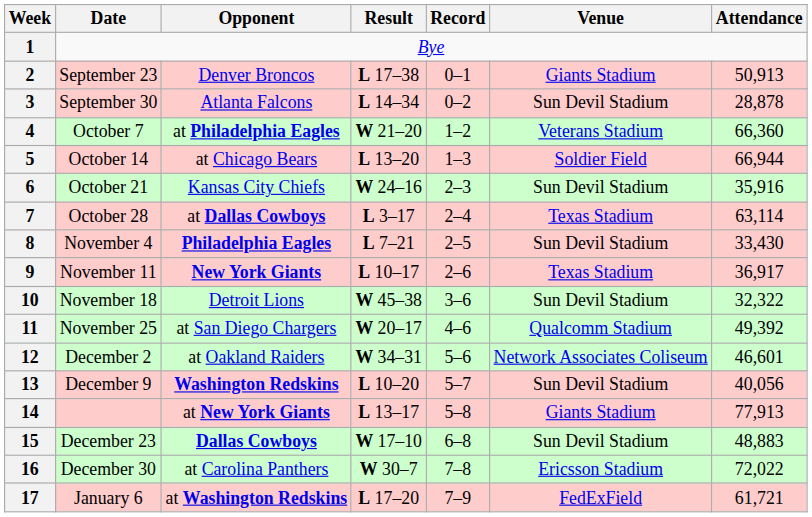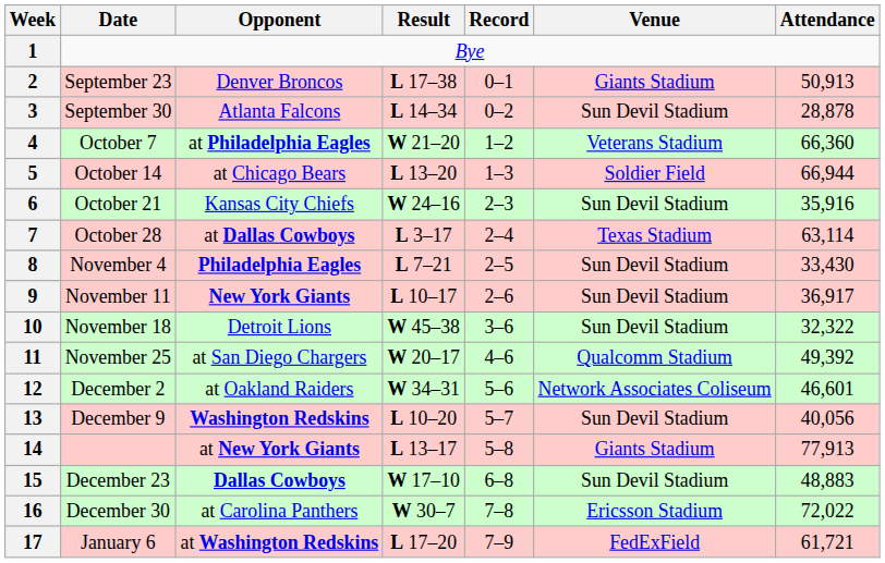 <table class="wikitable" style="text-align:center">
 <tr>
 <th>Week</th>
 <th>Date</th>
 <th>Opponent</th>
 <th>Result</th>
 <th>Record</th>
 <th>Venue</th>
 <th>Attendance</th>
 </tr>
 <tr>
 <th>1</th>
 <td colspan="7"><em><a href='#'>Bye</a></em></td>
 </tr>
 <tr style="background:#fcc">
 <th>2</th>
 <td>September 23</td>
 <td><a href='#'>Denver Broncos</a></td>
 <td><strong>L</strong> 17–38</td>
 <td>0–1</td>
 <td><a href='#'>Giants Stadium</a></td>
 <td>50,913</td>
 </tr>
 <tr style="background:#fcc">
 <th>3</th>
 <td>September 30</td>
 <td><a href='#'>Atlanta Falcons</a></td>
 <td><strong>L</strong> 14–34</td>
 <td>0–2</td>
 <td>Sun Devil Stadium</td>
 <td>28,878</td>
 </tr>
 <tr style="background:#cfc">
 <th>4</th>
 <td>October 7</td>
 <td>at <strong><a href='#'>Philadelphia Eagles</a></strong></td>
 <td><strong>W</strong> 21–20</td>
 <td>1–2</td>
 <td><a href='#'>Veterans Stadium</a></td>
 <td>66,360</td>
 </tr>
 <tr style="background:#fcc">
 <th>5</th>
 <td>October 14</td>
 <td>at <a href='#'>Chicago Bears</a></td>
 <td><strong>L</strong> 13–20</td>
 <td>1–3</td>
 <td><a href='#'>Soldier Field</a></td>
 <td>66,944</td>
 </tr>
 <tr style="background:#cfc">
 <th>6</th>
 <td>October 21</td>
 <td><a href='#'>Kansas City Chiefs</a></td>
 <td><strong>W</strong> 24–16</td>
 <td>2–3</td>
 <td>Sun Devil Stadium</td>
 <td>35,916</td>
 </tr>
 <tr style="background:#fcc">
 <th>7</th>
 <td>October 28</td>
 <td>at <strong><a href='#'>Dallas Cowboys</a></strong></td>
 <td><strong>L</strong> 3–17</td>
 <td>2–4</td>
 <td><a href='#'>Texas Stadium</a></td>
 <td>63,114</td>
 </tr>
 <tr style="background:#fcc">
 <th>8</th>
 <td>November 4</td>
 <td><strong><a href='#'>Philadelphia Eagles</a></strong></td>
 <td><strong>L</strong> 7–21</td>
 <td>2–5</td>
 <td>Sun Devil Stadium</td>
 <td>33,430</td>
 </tr>
 <tr style="background:#fcc">
 <th>9</th>
 <td>November 11</td>
 <td><strong><a href='#'>New York Giants</a></strong></td>
 <td><strong>L</strong> 10–17</td>
 <td>2–6</td>
-<td><a href='#'>Texas Stadium</a></td>
+<td>Sun Devil Stadium</td>
 <td>36,917</td>
 </tr>
 <tr style="background:#cfc">
 <th>10</th>
 <td>November 18</td>
 <td><a href='#'>Detroit Lions</a></td>
 <td><strong>W</strong> 45–38</td>
 <td>3–6</td>
 <td>Sun Devil Stadium</td>
 <td>32,322</td>
 </tr>
 <tr style="background:#cfc">
 <th>11</th>
 <td>November 25</td>
 <td>at <a href='#'>San Diego Chargers</a></td>
 <td><strong>W</strong> 20–17</td>
 <td>4–6</td>
 <td><a href='#'>Qualcomm Stadium</a></td>
 <td>49,392</td>
 </tr>
 <tr style="background:#cfc">
 <th>12</th>
 <td>December 2</td>
 <td>at <a href='#'>Oakland Raiders</a></td>
 <td><strong>W</strong> 34–31</td>
 <td>5–6</td>
 <td><a href='#'>Network Associates Coliseum</a></td>
 <td>46,601</td>
 </tr>
 <tr style="background:#fcc">
 <th>13</th>
 <td>December 9</td>
 <td><strong><a href='#'>Washington Redskins</a></strong></td>
 <td><strong>L</strong> 10–20</td>
 <td>5–7</td>
 <td>Sun Devil Stadium</td>
 <td>40,056</td>
 </tr>
 <tr style="background:#fcc">
 <th>14</th>
 <td></td>
 <td>at <strong><a href='#'>New York Giants</a></strong></td>
 <td><strong>L</strong> 13–17</td>
 <td>5–8</td>
 <td><a href='#'>Giants Stadium</a></td>
 <td>77,913</td>
 </tr>
 <tr style="background:#cfc">
 <th>15</th>
 <td>December 23</td>
 <td><strong><a href='#'>Dallas Cowboys</a></strong></td>
 <td><strong>W</strong> 17–10</td>
 <td>6–8</td>
 <td>Sun Devil Stadium</td>
 <td>48,883</td>
 </tr>
 <tr style="background:#cfc">
 <th>16</th>
 <td>December 30</td>
 <td>at <a href='#'>Carolina Panthers</a></td>
 <td><strong>W</strong> 30–7</td>
 <td>7–8</td>
 <td><a href='#'>Ericsson Stadium</a></td>
 <td>72,022</td>
 </tr>
 <tr style="background:#fcc">
 <th>17</th>
 <td>January 6</td>
 <td>at <strong><a href='#'>Washington Redskins</a></strong></td>
 <td><strong>L</strong> 17–20</td>
 <td>7–9</td>
 <td><a href='#'>FedExField</a></td>
 <td>61,721</td>
 </tr>
 </table>
